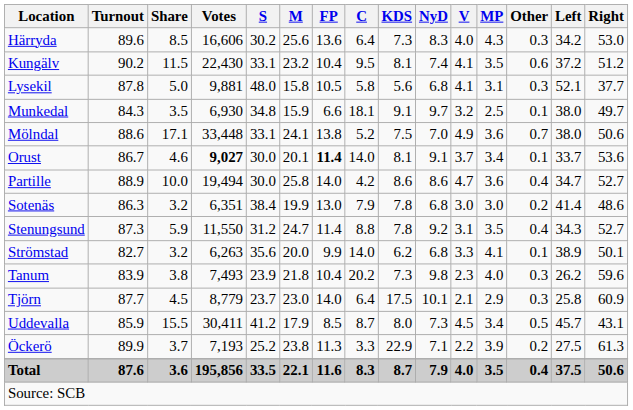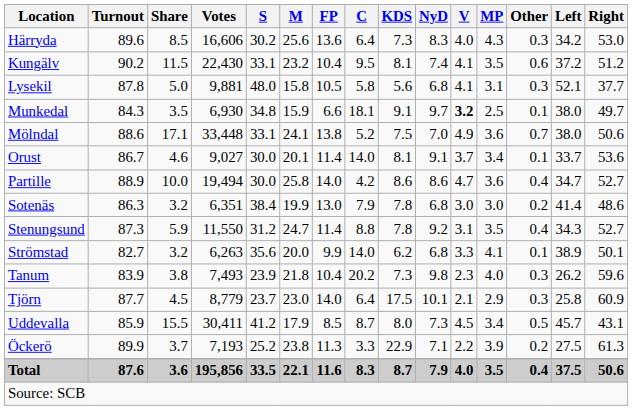 <table class="wikitable sortable" style=text-align:right>
 <tr>
 <th>Location</th>
 <th>Turnout</th>
 <th>Share</th>
 <th>Votes</th>
 <th><a href='#'>S</a></th>
 <th><a href='#'>M</a></th>
 <th><a href='#'>FP</a></th>
 <th><a href='#'>C</a></th>
 <th><a href='#'>KDS</a></th>
 <th><a href='#'>NyD</a></th>
 <th><a href='#'>V</a></th>
 <th><a href='#'>MP</a></th>
 <th>Other</th>
 <th>Left</th>
 <th>Right</th>
 </tr>
 <tr>
 <td align=left><a href='#'>Härryda</a></td>
 <td>89.6</td>
 <td>8.5</td>
 <td>16,606</td>
 <td>30.2</td>
 <td>25.6</td>
 <td>13.6</td>
 <td>6.4</td>
 <td>7.3</td>
 <td>8.3</td>
 <td>4.0</td>
 <td>4.3</td>
 <td>0.3</td>
 <td>34.2</td>
 <td>53.0</td>
 </tr>
 <tr>
 <td align=left><a href='#'>Kungälv</a></td>
 <td>90.2</td>
 <td>11.5</td>
 <td>22,430</td>
 <td>33.1</td>
 <td>23.2</td>
 <td>10.4</td>
 <td>9.5</td>
 <td>8.1</td>
 <td>7.4</td>
 <td>4.1</td>
 <td>3.5</td>
 <td>0.6</td>
 <td>37.2</td>
 <td>51.2</td>
 </tr>
 <tr>
 <td align=left><a href='#'>Lysekil</a></td>
 <td>87.8</td>
 <td>5.0</td>
 <td>9,881</td>
 <td>48.0</td>
 <td>15.8</td>
 <td>10.5</td>
 <td>5.8</td>
 <td>5.6</td>
 <td>6.8</td>
 <td>4.1</td>
 <td>3.1</td>
 <td>0.3</td>
 <td>52.1</td>
 <td>37.7</td>
 </tr>
 <tr>
 <td align=left><a href='#'>Munkedal</a></td>
 <td>84.3</td>
 <td>3.5</td>
 <td>6,930</td>
 <td>34.8</td>
 <td>15.9</td>
 <td>6.6</td>
 <td>18.1</td>
 <td>9.1</td>
 <td>9.7</td>
-<td>3.2</td>
+<td><strong>3.2</strong></td>
 <td>2.5</td>
 <td>0.1</td>
 <td>38.0</td>
 <td>49.7</td>
 </tr>
 <tr>
 <td align=left><a href='#'>Mölndal</a></td>
 <td>88.6</td>
 <td>17.1</td>
 <td>33,448</td>
 <td>33.1</td>
 <td>24.1</td>
 <td>13.8</td>
 <td>5.2</td>
 <td>7.5</td>
 <td>7.0</td>
 <td>4.9</td>
 <td>3.6</td>
 <td>0.7</td>
 <td>38.0</td>
 <td>50.6</td>
 </tr>
 <tr>
 <td align=left><a href='#'>Orust</a></td>
 <td>86.7</td>
 <td>4.6</td>
-<td><strong>9,027</strong></td>
+<td>9,027</td>
 <td>30.0</td>
 <td>20.1</td>
-<td><strong>11.4</strong></td>
+<td>11.4</td>
 <td>14.0</td>
 <td>8.1</td>
 <td>9.1</td>
 <td>3.7</td>
 <td>3.4</td>
 <td>0.1</td>
 <td>33.7</td>
 <td>53.6</td>
 </tr>
 <tr>
 <td align=left><a href='#'>Partille</a></td>
 <td>88.9</td>
 <td>10.0</td>
 <td>19,494</td>
 <td>30.0</td>
 <td>25.8</td>
 <td>14.0</td>
 <td>4.2</td>
 <td>8.6</td>
 <td>8.6</td>
 <td>4.7</td>
 <td>3.6</td>
 <td>0.4</td>
 <td>34.7</td>
 <td>52.7</td>
 </tr>
 <tr>
 <td align=left><a href='#'>Sotenäs</a></td>
 <td>86.3</td>
 <td>3.2</td>
 <td>6,351</td>
 <td>38.4</td>
 <td>19.9</td>
 <td>13.0</td>
 <td>7.9</td>
 <td>7.8</td>
 <td>6.8</td>
 <td>3.0</td>
 <td>3.0</td>
 <td>0.2</td>
 <td>41.4</td>
 <td>48.6</td>
 </tr>
 <tr>
 <td align=left><a href='#'>Stenungsund</a></td>
 <td>87.3</td>
 <td>5.9</td>
 <td>11,550</td>
 <td>31.2</td>
 <td>24.7</td>
 <td>11.4</td>
 <td>8.8</td>
 <td>7.8</td>
 <td>9.2</td>
 <td>3.1</td>
 <td>3.5</td>
 <td>0.4</td>
 <td>34.3</td>
 <td>52.7</td>
 </tr>
 <tr>
 <td align=left><a href='#'>Strömstad</a></td>
 <td>82.7</td>
 <td>3.2</td>
 <td>6,263</td>
 <td>35.6</td>
 <td>20.0</td>
 <td>9.9</td>
 <td>14.0</td>
 <td>6.2</td>
 <td>6.8</td>
 <td>3.3</td>
 <td>4.1</td>
 <td>0.1</td>
 <td>38.9</td>
 <td>50.1</td>
 </tr>
 <tr>
 <td align=left><a href='#'>Tanum</a></td>
 <td>83.9</td>
 <td>3.8</td>
 <td>7,493</td>
 <td>23.9</td>
 <td>21.8</td>
 <td>10.4</td>
 <td>20.2</td>
 <td>7.3</td>
 <td>9.8</td>
 <td>2.3</td>
 <td>4.0</td>
 <td>0.3</td>
 <td>26.2</td>
 <td>59.6</td>
 </tr>
 <tr>
 <td align=left><a href='#'>Tjörn</a></td>
 <td>87.7</td>
 <td>4.5</td>
 <td>8,779</td>
 <td>23.7</td>
 <td>23.0</td>
 <td>14.0</td>
 <td>6.4</td>
 <td>17.5</td>
 <td>10.1</td>
 <td>2.1</td>
 <td>2.9</td>
 <td>0.3</td>
 <td>25.8</td>
 <td>60.9</td>
 </tr>
 <tr>
 <td align=left><a href='#'>Uddevalla</a></td>
 <td>85.9</td>
 <td>15.5</td>
 <td>30,411</td>
 <td>41.2</td>
 <td>17.9</td>
 <td>8.5</td>
 <td>8.7</td>
 <td>8.0</td>
 <td>7.3</td>
 <td>4.5</td>
 <td>3.4</td>
 <td>0.5</td>
 <td>45.7</td>
 <td>43.1</td>
 </tr>
 <tr>
 <td align=left><a href='#'>Öckerö</a></td>
 <td>89.9</td>
 <td>3.7</td>
 <td>7,193</td>
 <td>25.2</td>
 <td>23.8</td>
 <td>11.3</td>
 <td>3.3</td>
 <td>22.9</td>
 <td>7.1</td>
 <td>2.2</td>
 <td>3.9</td>
 <td>0.2</td>
 <td>27.5</td>
 <td>61.3</td>
 </tr>
 <tr>
 </tr>
 <tr style="background:#CDCDCD;">
 <td align=left><strong>Total</strong></td>
 <td><strong>87.6</strong></td>
 <td><strong>3.6</strong></td>
 <td><strong>195,856</strong></td>
 <td><strong>33.5</strong></td>
 <td><strong>22.1</strong></td>
 <td><strong>11.6</strong></td>
 <td><strong>8.3</strong></td>
 <td><strong>8.7</strong></td>
 <td><strong>7.9</strong></td>
 <td><strong>4.0</strong></td>
 <td><strong>3.5</strong></td>
 <td><strong>0.4</strong></td>
 <td><strong>37.5</strong></td>
 <td><strong>50.6</strong></td>
 </tr>
 <tr>
 <td align=left colspan=15>Source: SCB </td>
 </tr>
 </table>
